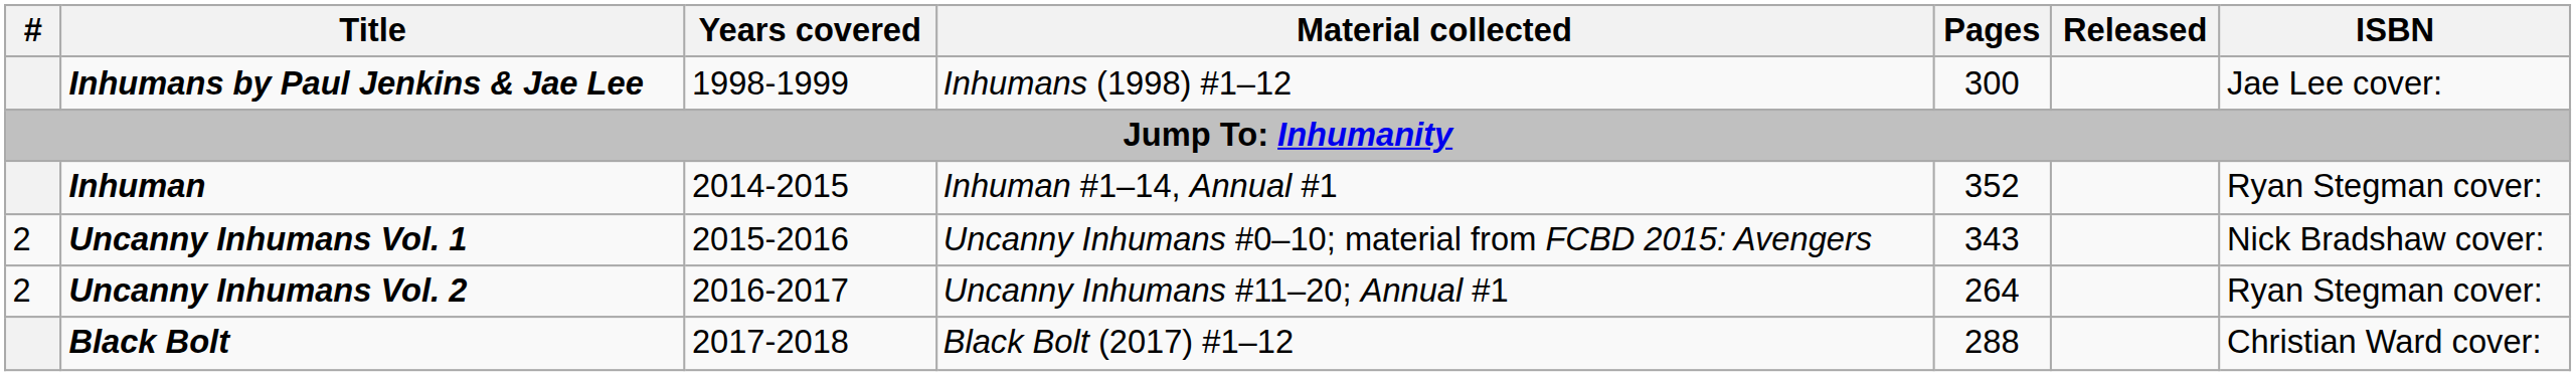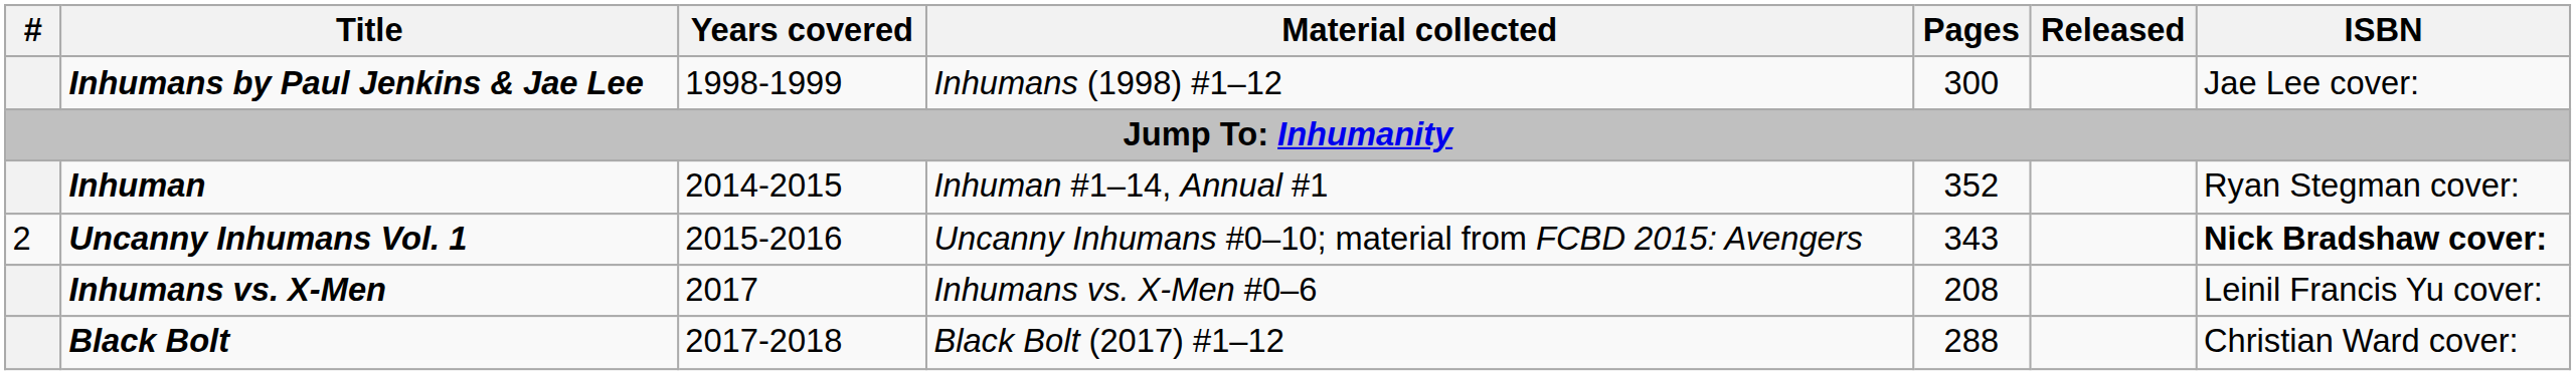 <table class="wikitable sortable" width=99%>
 <tr>
 <th class="unsortable" width=20px>#</th>
 <th>Title</th>
 <th>Years covered</th>
 <th class="unsortable">Material collected</th>
 <th>Pages</th>
 <th>Released</th>
 <th class="unsortable">ISBN</th>
 </tr>
 <tr>
 <th style="background-color: light grey;"></th>
 <td><strong><em>Inhumans by Paul Jenkins & Jae Lee</em></strong></td>
 <td>1998-1999</td>
 <td><em>Inhumans</em> (1998) #1–12</td>
 <td style="text-align: center;">300</td>
 <td></td>
 <td>Jae Lee cover: </td>
 </tr>
 <tr>
 <th colspan=7 style="background-color: silver;">Jump To: <a href='#'><em>Inhumanity</em></a></th>
 </tr>
 <tr>
 <th style="background-color: light grey;"></th>
 <td><strong><em>Inhuman</em></strong></td>
 <td>2014-2015</td>
 <td><em>Inhuman</em> #1–14, <em>Annual</em> #1</td>
 <td style="text-align: center;">352</td>
 <td></td>
 <td>Ryan Stegman cover: </td>
 </tr>
 <tr>
 <td>2</td>
 <td><strong><em>Uncanny Inhumans Vol. 1</em></strong></td>
 <td>2015-2016</td>
 <td><em>Uncanny Inhumans</em> #0–10; material from <em>FCBD 2015: Avengers</em></td>
 <td style="text-align: center;">343</td>
 <td></td>
-<td>Nick Bradshaw cover: </td>
+<td><strong>Nick Bradshaw cover: </strong></td>
 </tr>
 <tr>
-<td>2</td>
-<td><strong><em>Uncanny Inhumans Vol. 2</em></strong></td>
-<td>2016-2017</td>
-<td><em>Uncanny Inhumans</em> #11–20; <em>Annual</em> #1</td>
-<td style="text-align: center;">264</td>
+<th style="background-color: light grey;"></th>
+<td><strong><em>Inhumans vs. X-Men</em></strong></td>
+<td>2017</td>
+<td><em>Inhumans vs. X-Men</em> #0–6</td>
+<td style="text-align: center;">208</td>
 <td></td>
-<td>Ryan Stegman cover: </td>
+<td>Leinil Francis Yu cover: </td>
 </tr>
 <tr>
 <th style="background-color: light grey;"></th>
 <td><strong><em>Black Bolt</em></strong></td>
 <td>2017-2018</td>
 <td><em>Black Bolt</em> (2017) #1–12</td>
 <td style="text-align: center;">288</td>
 <td></td>
 <td>Christian Ward cover: </td>
 </tr>
 </table>
